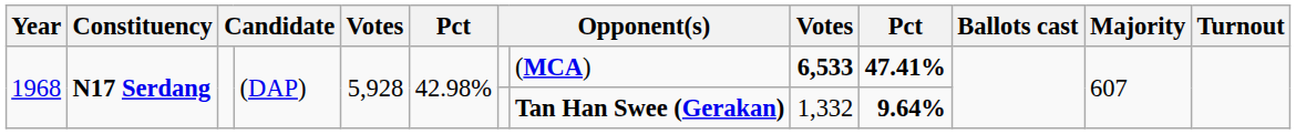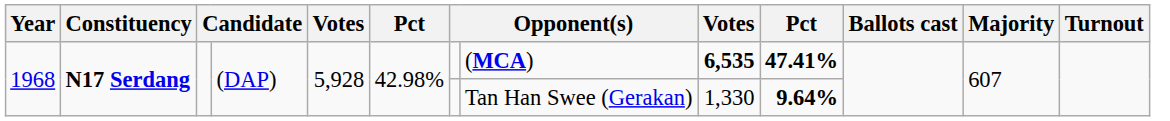 <table class="wikitable" style="margin:0.5em ; font-size:95%">
 <tr>
 <th>Year</th>
 <th>Constituency</th>
 <th colspan=2>Candidate</th>
 <th>Votes</th>
 <th>Pct</th>
 <th colspan=2>Opponent(s)</th>
 <th>Votes</th>
 <th>Pct</th>
 <th>Ballots cast</th>
 <th>Majority</th>
 <th>Turnout</th>
 </tr>
 <tr>
 <td rowspan=2><a href='#'>1968</a></td>
 <td rowspan=2><strong>N17 <a href='#'>Serdang</a></strong></td>
 <td rowspan=2 ></td>
 <td rowspan=2> (<a href='#'>DAP</a>)</td>
 <td rowspan=2 align="right">5,928</td>
 <td rowspan=2>42.98%</td>
 <td></td>
 <td> (<a href='#'><strong>MCA</strong></a>)</td>
-<td align="right"><strong>6,533</strong></td>
+<td align="right"><strong>6,535</strong></td>
 <td><strong>47.41%</strong></td>
 <td rowspan=2></td>
 <td rowspan=2>607</td>
 <td rowspan=2></td>
 </tr>
 <tr>
 <td bgcolor=></td>
-<td><strong>Tan Han Swee (<a href='#'>Gerakan</a>)</strong></td>
-<td align="right">1,332</td>
+<td>Tan Han Swee (<a href='#'>Gerakan</a>)</td>
+<td align="right">1,330</td>
 <td align="right"><strong>9.64%</strong></td>
 </tr>
 </table>
